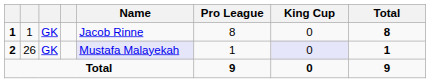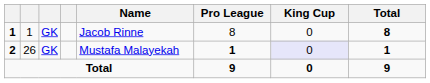 <table class="wikitable" style="text-align:center">
 <tr>
 <th width=15></th>
 <th width=15></th>
 <th width=15></th>
 <th width=15></th>
 <th width=155>Name</th>
 <th width=100>Pro League</th>
 <th width=100>King Cup</th>
 <th width=100>Total</th>
 </tr>
 <tr>
 <td><strong>1</strong></td>
 <td>1</td>
 <td><a href='#'>GK</a></td>
 <td></td>
 <td align=left><a href='#'>Jacob Rinne</a></td>
 <td>8</td>
 <td>0</td>
 <td><strong>8</strong></td>
 </tr>
 <tr>
 <td><strong>2</strong></td>
 <td>26</td>
 <td><a href='#'>GK</a></td>
 <td></td>
-<td align=left style="background: lavender;"><a href='#'>Mustafa Malayekah</a></td>
-<td>1</td>
+<td align=left><a href='#'>Mustafa Malayekah</a></td>
+<td><strong>1</strong></td>
 <td style="background: lavender;">0</td>
 <td><strong>1</strong></td>
 </tr>
 <tr>
 <td colspan=5><strong>Total</strong></td>
 <td><strong>9</strong></td>
 <td><strong>0</strong></td>
 <td><strong>9</strong></td>
 </tr>
 </table>
